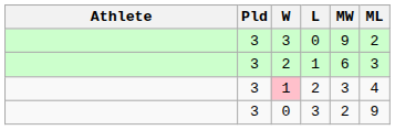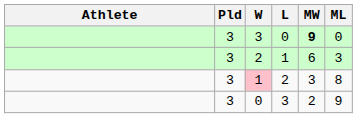 <table class="wikitable" style="text-align:center">
 <tr>
 <th width=200>Athlete</th>
 <th width=20>Pld</th>
 <th width=20>W</th>
 <th width=20>L</th>
 <th width=20>MW</th>
 <th width=20>ML</th>
 </tr>
 <tr bgcolor="ccffcc">
 <td style="text-align:left"></td>
 <td>3</td>
 <td>3</td>
 <td>0</td>
-<td>9</td>
-<td>2</td>
+<td><strong>9</strong></td>
+<td>0</td>
 </tr>
 <tr bgcolor="ccffcc">
 <td style="text-align:left"></td>
 <td>3</td>
 <td>2</td>
 <td>1</td>
 <td>6</td>
 <td>3</td>
 </tr>
 <tr>
 <td style="text-align:left"></td>
 <td>3</td>
 <td style="background: pink;">1</td>
 <td>2</td>
 <td>3</td>
-<td>4</td>
+<td>8</td>
 </tr>
 <tr>
 <td style="text-align:left"></td>
 <td>3</td>
 <td>0</td>
 <td>3</td>
 <td>2</td>
 <td>9</td>
 </tr>
 </table>
